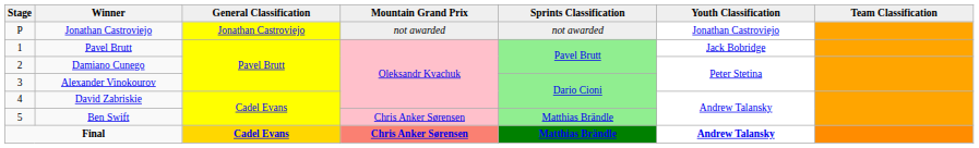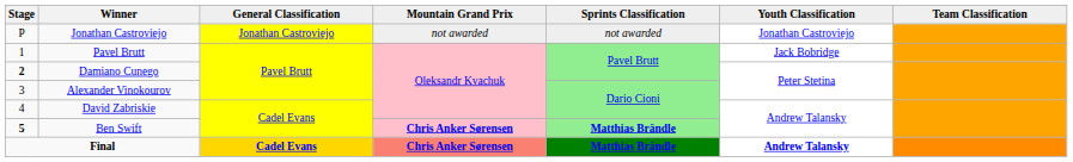 <table class="wikitable" style="text-align: center; font-size:smaller;">
 <tr>
 <th width="1%">Stage</th>
 <th width="14%">Winner</th>
 <th style="background:#EFEFEF;" width="15%">General Classification<br></th>
 <th style="background:#EFEFEF;" width="15%">Mountain Grand Prix<br></th>
 <th style="background:#EFEFEF;" width="15%">Sprints Classification<br></th>
 <th style="background:#EFEFEF;" width="15%">Youth Classification<br></th>
 <th style="background:#EFEFEF;" width="15%">Team Classification</th>
 </tr>
 <tr>
 <td>P</td>
 <td><a href='#'>Jonathan Castroviejo</a></td>
 <td style="background-color:yellow"><a href='#'>Jonathan Castroviejo</a></td>
 <td style="background:#EFEFEF;"><em>not awarded</em></td>
 <td style="background:#EFEFEF;"><em>not awarded</em></td>
 <td style="background:white;"><a href='#'>Jonathan Castroviejo</a></td>
 <td style="background:orange;"></td>
 </tr>
 <tr>
 <td>1</td>
 <td><a href='#'>Pavel Brutt</a></td>
 <td style="background-color:yellow" rowspan=3><a href='#'>Pavel Brutt</a></td>
 <td style="background:pink;" rowspan=4><a href='#'>Oleksandr Kvachuk</a></td>
 <td style="background:lightgreen;" rowspan=2><a href='#'>Pavel Brutt</a></td>
 <td style="background:white;"><a href='#'>Jack Bobridge</a></td>
 <td style="background:orange;"></td>
 </tr>
 <tr>
-<td>2</td>
+<td><strong>2</strong></td>
 <td><a href='#'>Damiano Cunego</a></td>
 <td style="background:white;" rowspan=2><a href='#'>Peter Stetina</a></td>
 <td style="background:orange;" rowspan=2></td>
 </tr>
 <tr>
 <td>3</td>
 <td><a href='#'>Alexander Vinokourov</a></td>
 <td style="background:lightgreen;" rowspan=2><a href='#'>Dario Cioni</a></td>
 </tr>
 <tr>
 <td>4</td>
 <td><a href='#'>David Zabriskie</a></td>
 <td style="background-color:yellow" rowspan=2><a href='#'>Cadel Evans</a></td>
 <td style="background:white;" rowspan=2><a href='#'>Andrew Talansky</a></td>
 <td style="background:orange;" rowspan=2></td>
 </tr>
 <tr>
-<td>5</td>
+<td><strong>5</strong></td>
 <td><a href='#'>Ben Swift</a></td>
-<td style="background:pink;"><a href='#'>Chris Anker Sørensen</a></td>
-<td style="background:lightgreen;"><a href='#'>Matthias Brändle</a></td>
+<td style="background:pink;"><strong><a href='#'>Chris Anker Sørensen</a></strong></td>
+<td style="background:lightgreen;"><strong><a href='#'>Matthias Brändle</a></strong></td>
 </tr>
 <tr>
 <td colspan="2"><strong>Final</strong><br></td>
 <th style="background:gold;"><a href='#'>Cadel Evans</a></th>
 <th style="background:salmon;"><a href='#'>Chris Anker Sørensen</a></th>
 <th style="background:green;"><a href='#'>Matthias Brändle</a></th>
 <th style="background:white;"><a href='#'>Andrew Talansky</a></th>
 <th style="background:darkorange;"></th>
 </tr>
 </table>
